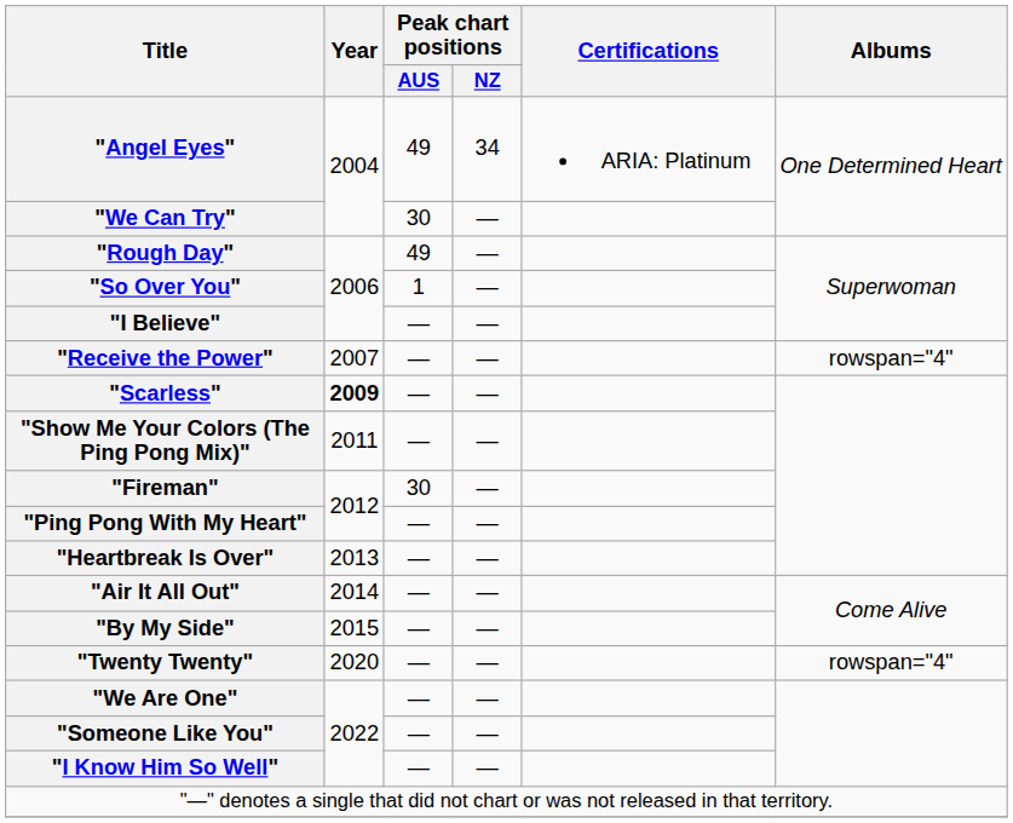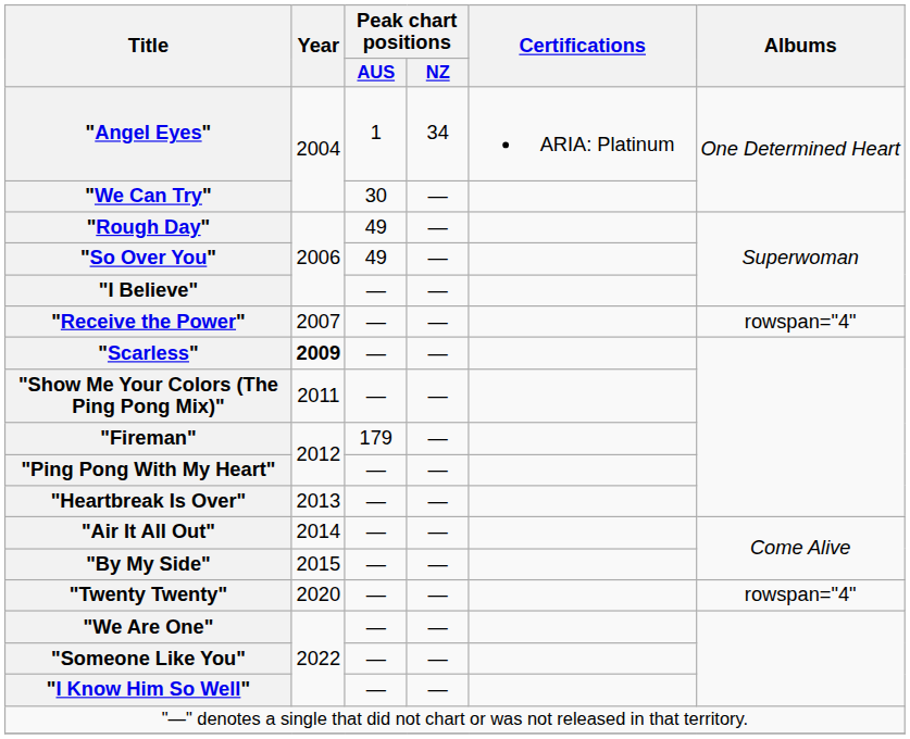 <table class="wikitable plainrowheaders" style="text-align:center;">
 <tr>
 <th scope="col" rowspan="2" style="width:14em;">Title</th>
 <th scope="col" rowspan="2">Year</th>
 <th scope="col" colspan="2">Peak chart positions</th>
 <th scope="col" rowspan="2" style="width:11em;"><a href='#'>Certifications</a></th>
 <th scope="col" rowspan="2">Albums</th>
 </tr>
 <tr>
 <th style="width:3em; font-size:90%"><a href='#'>AUS</a><br></th>
 <th style="width:3em; font-size:90%"><a href='#'>NZ</a><br></th>
 </tr>
 <tr>
 <th scope="row">"<a href='#'>Angel Eyes</a>"</th>
 <td rowspan="2">2004</td>
-<td>49</td>
+<td>1</td>
 <td>34</td>
 <td><br><ul><li>ARIA: Platinum</li></ul></td>
 <td rowspan="2"><em>One Determined Heart</em></td>
 </tr>
 <tr>
 <th scope="row">"<a href='#'>We Can Try</a>"</th>
 <td>30</td>
 <td>—</td>
 <td></td>
 </tr>
 <tr>
 <th scope="row">"<a href='#'>Rough Day</a>"</th>
 <td rowspan="3">2006</td>
 <td>49</td>
 <td>—</td>
 <td></td>
 <td rowspan="3"><em>Superwoman</em></td>
 </tr>
 <tr>
 <th scope="row">"<a href='#'>So Over You</a>"</th>
-<td>1</td>
+<td>49</td>
 <td>—</td>
 <td></td>
 </tr>
 <tr>
 <th scope="row">"I Believe"</th>
 <td>—</td>
 <td>—</td>
 <td></td>
 </tr>
 <tr>
 <th scope="row">"<a href='#'>Receive the Power</a>"<br></th>
 <td>2007</td>
 <td>—</td>
 <td>—</td>
 <td></td>
 <td>rowspan="4" </td>
 </tr>
 <tr>
 <th scope="row">"<a href='#'>Scarless</a>"</th>
 <td><strong>2009</strong></td>
 <td>—</td>
 <td>—</td>
 <td></td>
 </tr>
 <tr>
 <th scope="row">"Show Me Your Colors (The Ping Pong Mix)"</th>
 <td>2011</td>
 <td>—</td>
 <td>—</td>
 <td></td>
 </tr>
 <tr>
 <th scope="row">"Fireman"</th>
 <td rowspan="2">2012</td>
-<td>30</td>
+<td>179</td>
 <td>—</td>
 <td></td>
 </tr>
 <tr>
 <th scope="row">"Ping Pong With My Heart"</th>
 <td>—</td>
 <td>—</td>
 <td></td>
 </tr>
 <tr>
 <th scope="row">"Heartbreak Is Over"</th>
 <td>2013</td>
 <td>—</td>
 <td>—</td>
 <td></td>
 </tr>
 <tr>
 <th scope="row">"Air It All Out"</th>
 <td>2014</td>
 <td>—</td>
 <td>—</td>
 <td></td>
 <td rowspan="2"><em>Come Alive</em></td>
 </tr>
 <tr>
 <th scope="row">"By My Side"</th>
 <td>2015</td>
 <td>—</td>
 <td>—</td>
 <td></td>
 </tr>
 <tr>
 <th scope="row">"Twenty Twenty"</th>
 <td>2020</td>
 <td>—</td>
 <td>—</td>
 <td></td>
 <td>rowspan="4" </td>
 </tr>
 <tr>
 <th scope="row">"We Are One"</th>
 <td rowspan="3">2022</td>
 <td>—</td>
 <td>—</td>
 <td></td>
 </tr>
 <tr>
 <th scope="row">"Someone Like You"<br></th>
 <td>—</td>
 <td>—</td>
 <td></td>
 </tr>
 <tr>
 <th scope="row">"<a href='#'>I Know Him So Well</a>"<br></th>
 <td>—</td>
 <td>—</td>
 <td></td>
 </tr>
 <tr>
 <td colspan="6" style="font-size:90%">"—" denotes a single that did not chart or was not released in that territory.</td>
 </tr>
 <tr>
 </tr>
 </table>
